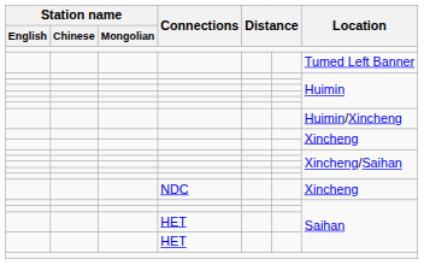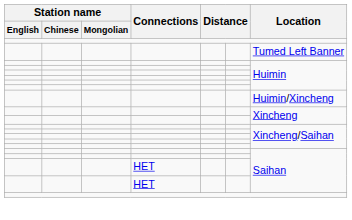 <table class="wikitable">
 <tr>
 <th colspan=3>Station name</th>
 <th rowspan=2>Connections</th>
 <th colspan="2" rowspan="2">Distance<br></th>
 <th rowspan=2>Location</th>
 </tr>
 <tr>
 <th><small>English</small></th>
 <th><small>Chinese</small></th>
 <th><small>Mongolian</small></th>
 </tr>
 <tr style="background:#">
 <td colspan = "7"></td>
 </tr>
 <tr>
 <td></td>
 <td></td>
 <td></td>
 <td></td>
 <td></td>
 <td></td>
 <td><a href='#'>Tumed Left Banner</a></td>
 </tr>
 <tr>
 <td></td>
 <td></td>
 <td></td>
 <td></td>
 <td></td>
 <td></td>
 <td rowspan="6"><a href='#'>Huimin</a></td>
 </tr>
 <tr>
 <td></td>
 <td></td>
 <td></td>
 <td></td>
 <td></td>
 <td></td>
 </tr>
 <tr>
 <td></td>
 <td></td>
 <td></td>
 <td></td>
 <td></td>
 <td></td>
 </tr>
 <tr>
 <td></td>
 <td></td>
 <td></td>
 <td></td>
 <td></td>
 <td></td>
 </tr>
 <tr>
 <td></td>
 <td></td>
 <td></td>
 <td></td>
 <td></td>
 <td></td>
 </tr>
 <tr>
 <td></td>
 <td></td>
 <td></td>
 <td></td>
 <td></td>
 <td></td>
 </tr>
 <tr>
 <td></td>
 <td></td>
 <td></td>
 <td></td>
 <td></td>
 <td></td>
 <td><a href='#'>Huimin</a>/<a href='#'>Xincheng</a></td>
 </tr>
 <tr>
 <td></td>
 <td></td>
 <td></td>
 <td></td>
 <td></td>
 <td></td>
 <td rowspan="2"><a href='#'>Xincheng</a></td>
 </tr>
 <tr>
 <td></td>
 <td></td>
 <td></td>
 <td></td>
 <td></td>
 <td></td>
 </tr>
 <tr>
 <td></td>
 <td></td>
 <td></td>
 <td></td>
 <td></td>
 <td></td>
 <td rowspan="5"><a href='#'>Xincheng</a>/<a href='#'>Saihan</a></td>
 </tr>
 <tr>
 <td></td>
 <td></td>
 <td></td>
 <td></td>
 <td></td>
 <td></td>
 </tr>
 <tr>
 <td></td>
 <td></td>
 <td></td>
 <td></td>
 <td></td>
 <td></td>
 </tr>
 <tr>
 <td></td>
 <td></td>
 <td></td>
 <td></td>
 <td></td>
 <td></td>
 </tr>
 <tr>
 <td></td>
 <td></td>
 <td></td>
 <td></td>
 <td></td>
 <td></td>
 </tr>
 <tr>
 <td></td>
 <td></td>
 <td></td>
-<td> <a href='#'>NDC</a></td>
-<td></td>
-<td></td>
-<td><a href='#'>Xincheng</a></td>
-</tr>
-<tr>
-<td></td>
-<td></td>
-<td></td>
 <td></td>
 <td></td>
 <td></td>
 <td rowspan="4"><a href='#'>Saihan</a></td>
 </tr>
 <tr>
 <td></td>
 <td></td>
 <td></td>
 <td></td>
 <td></td>
 <td></td>
 </tr>
 <tr>
 <td></td>
 <td></td>
 <td></td>
 <td> <a href='#'>HET</a></td>
 <td></td>
 <td></td>
 </tr>
 <tr>
 <td></td>
 <td></td>
 <td></td>
 <td> <a href='#'>HET</a></td>
 <td></td>
 <td></td>
 </tr>
 <tr style="background:#">
 <td colspan = "7"></td>
 </tr>
 </table>
